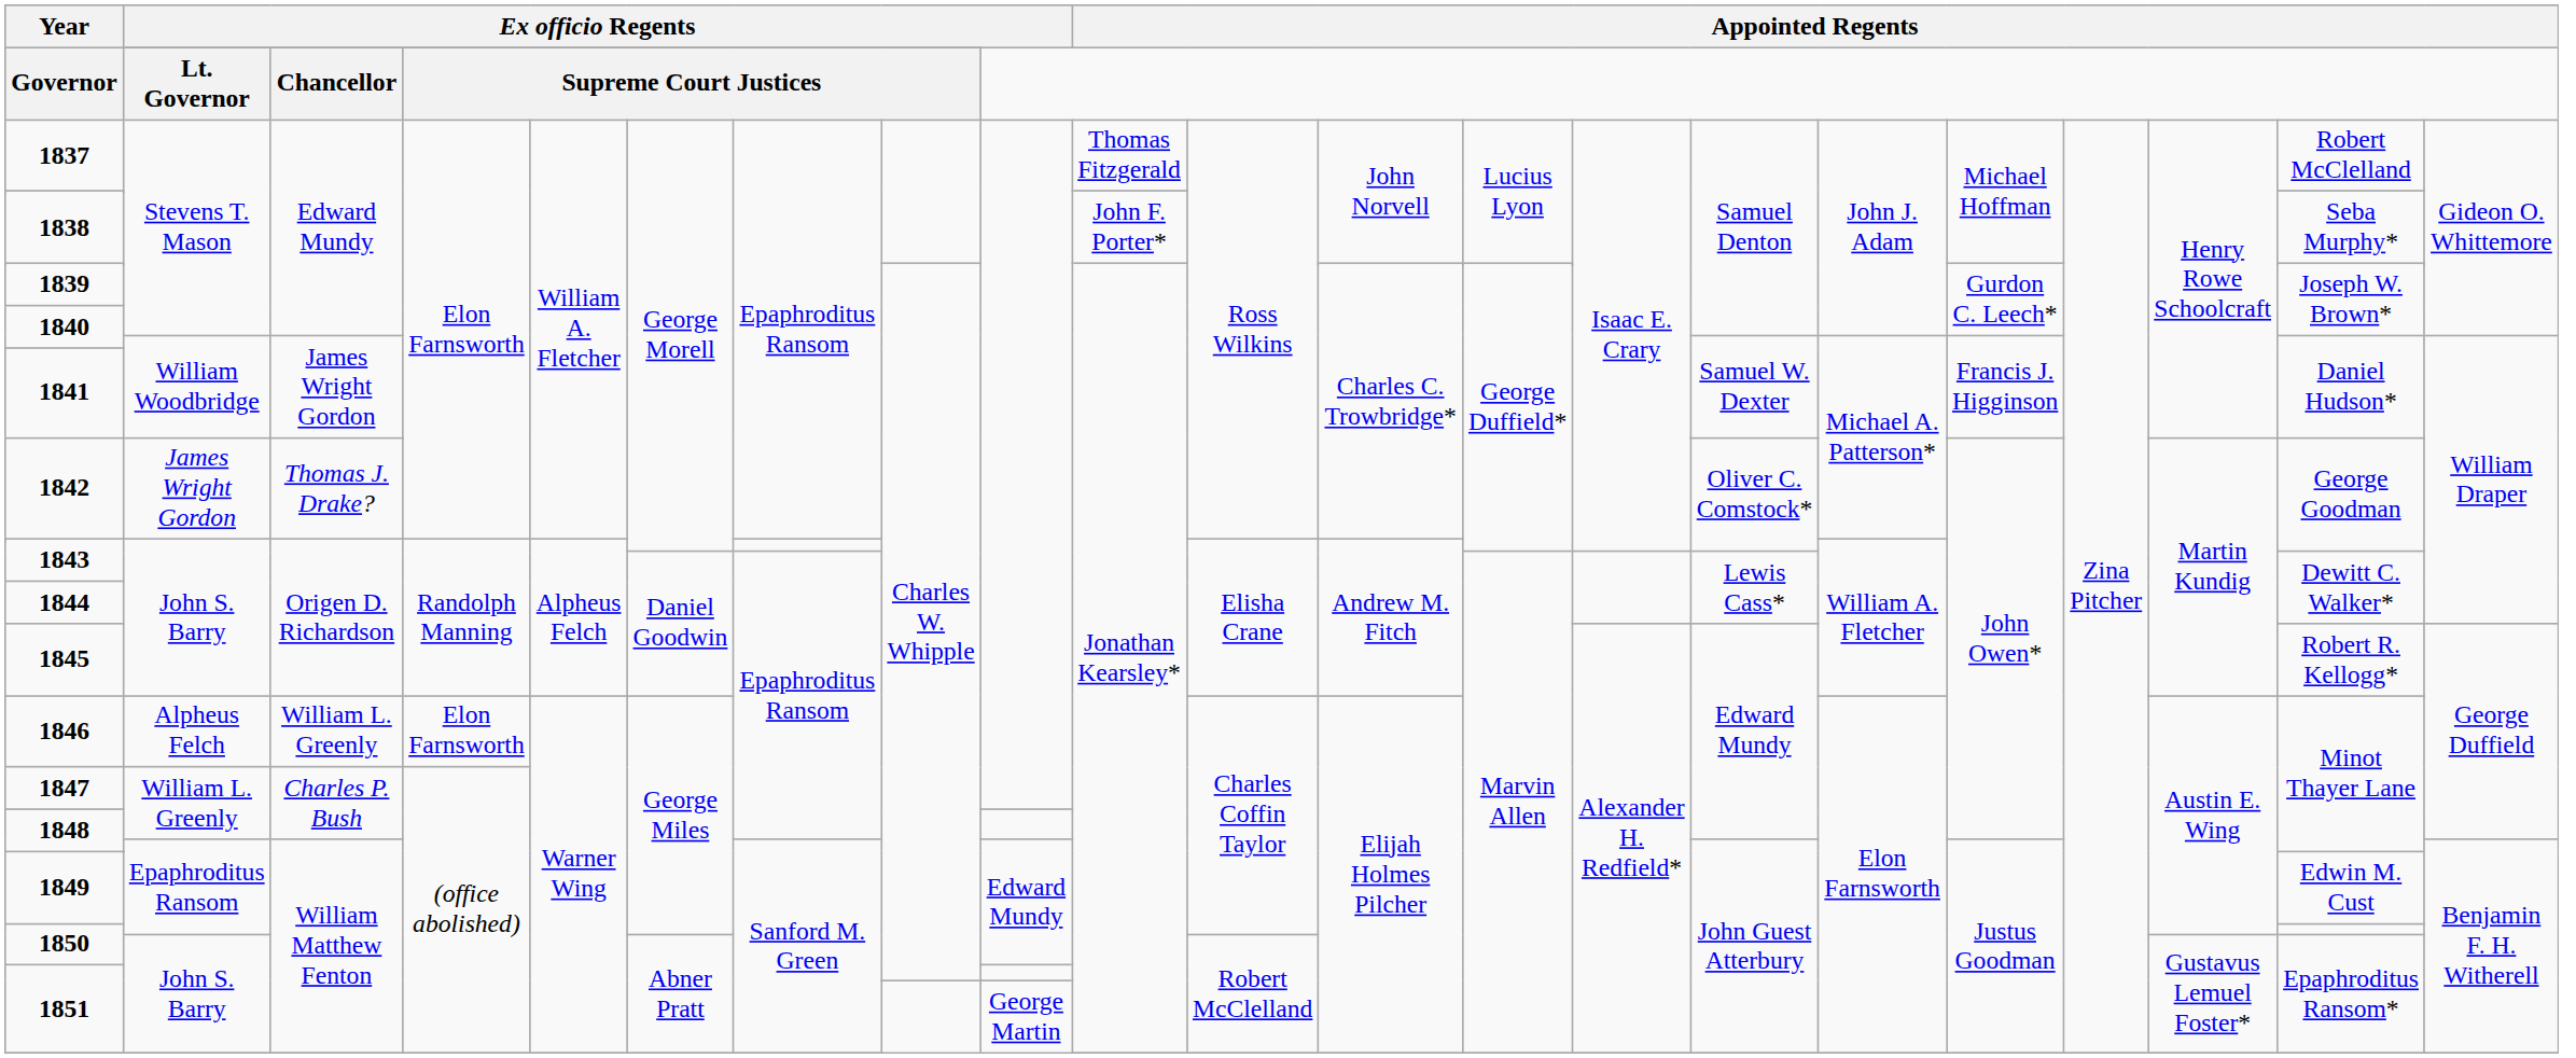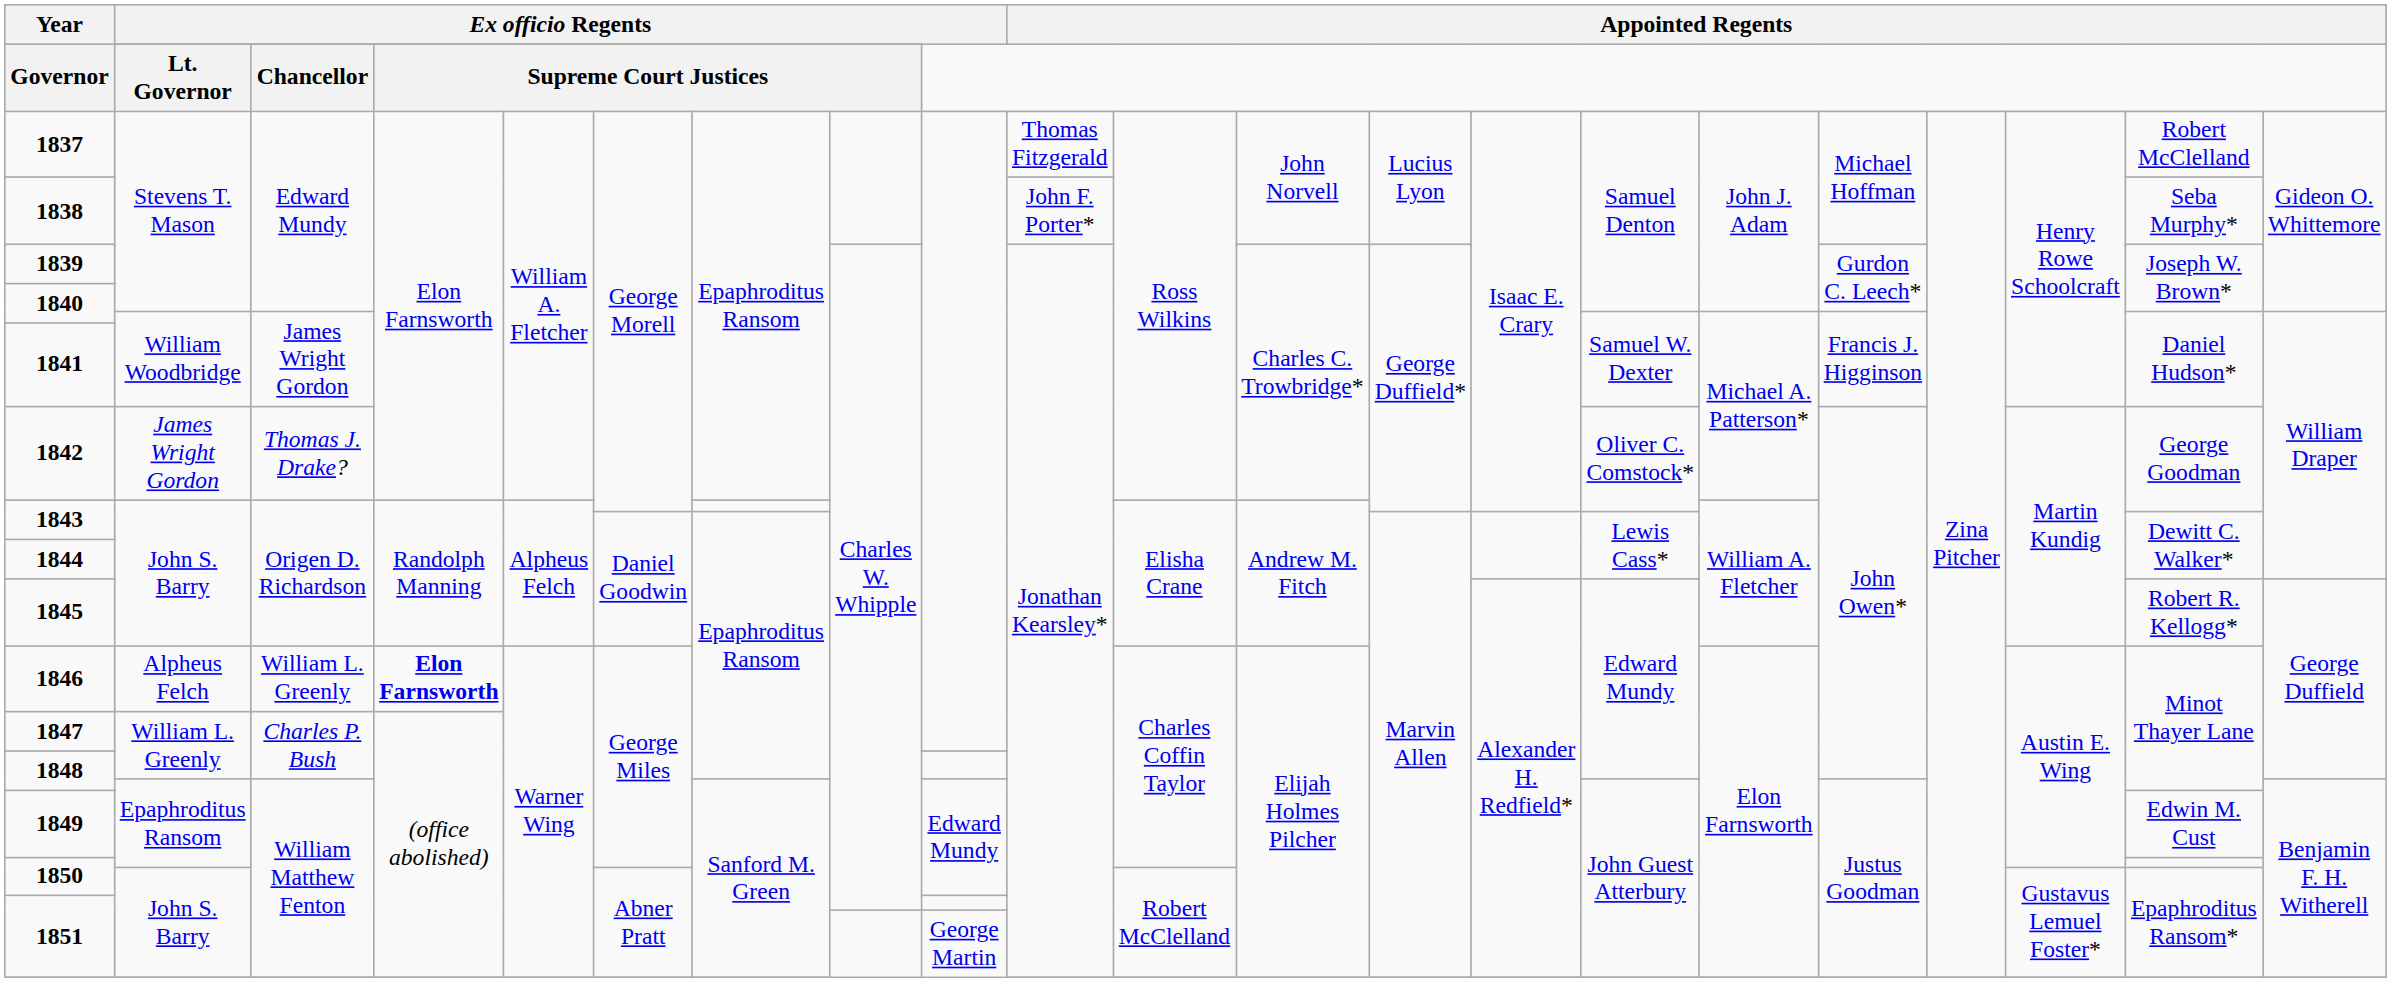 <table class=wikitable style="text-align:center; font-size: 90%;">
 <tr>
 <th rowspan=2>Year</th>
 <th colspan=8><em>Ex officio</em> Regents</th>
 <th colspan=12 rowspan=2>Appointed Regents</th>
 </tr>
 <tr>
 </tr>
 <tr>
 <th>Governor</th>
 <th>Lt. Governor</th>
 <th>Chancellor</th>
 <th colspan=5>Supreme Court Justices</th>
 </tr>
 <tr>
 <td rowspan=2><strong>1837</strong></td>
 <td rowspan=7 ><a href='#'>Stevens T. Mason</a></td>
 <td rowspan=7 ><a href='#'>Edward Mundy</a></td>
 <td rowspan=11><a href='#'>Elon Farnsworth</a></td>
 <td rowspan=11><a href='#'>William A. Fletcher</a></td>
 <td rowspan=13><a href='#'>George Morell</a></td>
 <td rowspan=11><a href='#'>Epaphroditus Ransom</a></td>
 <td rowspan=3></td>
 <td rowspan=22></td>
 <td><a href='#'>Thomas Fitzgerald</a></td>
 <td rowspan=11><a href='#'>Ross Wilkins</a></td>
 <td rowspan=5><a href='#'>John Norvell</a></td>
 <td rowspan=5><a href='#'>Lucius Lyon</a></td>
 <td rowspan=13><a href='#'>Isaac E. Crary</a></td>
 <td rowspan=7><a href='#'>Samuel Denton</a></td>
 <td rowspan=7><a href='#'>John J. Adam</a></td>
 <td rowspan=3><a href='#'>Michael Hoffman</a></td>
 <td rowspan=30><a href='#'>Zina Pitcher</a></td>
 <td rowspan=9><a href='#'>Henry Rowe Schoolcraft</a></td>
 <td rowspan=1><a href='#'>Robert McClelland</a></td>
 <td rowspan=7><a href='#'>Gideon O. Whittemore</a></td>
 </tr>
 <tr>
 <td rowspan=2><a href='#'>John F. Porter</a>*</td>
 <td rowspan=4><a href='#'>Seba Murphy</a>*</td>
 </tr>
 <tr>
 <td rowspan=2><strong>1838</strong></td>
 </tr>
 <tr>
 <td rowspan=26><a href='#'>Charles W. Whipple</a></td>
 <td rowspan=27><a href='#'>Jonathan Kearsley</a>*</td>
 <td rowspan=4><a href='#'>Gurdon C. Leech</a>*</td>
 </tr>
 <tr>
 <td rowspan=2><strong>1839</strong></td>
 </tr>
 <tr>
 <td rowspan=6><a href='#'>Charles C. Trowbridge</a>*</td>
 <td rowspan=8><a href='#'>George Duffield</a>*</td>
 <td rowspan=2><a href='#'>Joseph W. Brown</a>*</td>
 </tr>
 <tr>
 <td rowspan=2><strong>1840</strong></td>
 </tr>
 <tr>
 <td rowspan=2 ><a href='#'>William Woodbridge</a></td>
 <td rowspan=2 ><a href='#'>James Wright Gordon</a></td>
 <td rowspan=2><a href='#'>Samuel W. Dexter</a></td>
 <td rowspan=4><a href='#'>Michael A. Patterson</a>*</td>
 <td rowspan=2><a href='#'>Francis J. Higginson</a></td>
 <td rowspan=2><a href='#'>Daniel Hudson</a>*</td>
 <td rowspan=8><a href='#'>William Draper</a></td>
 </tr>
 <tr>
 <td rowspan=2><strong>1841</strong></td>
 </tr>
 <tr>
 <td rowspan=2 ><em><a href='#'>James Wright Gordon</a></em></td>
 <td rowspan=2 ><em><a href='#'>Thomas J. Drake</a>?</em></td>
 <td rowspan=4><a href='#'>Oliver C. Comstock</a>*</td>
 <td rowspan=14><a href='#'>John Owen</a>*</td>
 <td rowspan=8><a href='#'>Martin Kundig</a></td>
 <td rowspan=4><a href='#'>George Goodman</a></td>
 </tr>
 <tr>
 <td rowspan=2><strong>1842</strong></td>
 </tr>
 <tr>
 <td rowspan=8 ><a href='#'>John S. Barry</a></td>
 <td rowspan=8 ><a href='#'>Origen D. Richardson</a></td>
 <td rowspan=8><a href='#'>Randolph Manning</a></td>
 <td rowspan=6><a href='#'>Alpheus Felch</a></td>
 <td rowspan=2></td>
 <td rowspan=8><a href='#'>Elisha Crane</a></td>
 <td rowspan=8><a href='#'>Andrew M. Fitch</a></td>
 <td rowspan=8><a href='#'>William A. Fletcher</a></td>
 </tr>
 <tr>
 <td rowspan=2><strong>1843</strong></td>
 </tr>
 <tr>
 <td rowspan=6><a href='#'>Daniel Goodwin</a></td>
 <td rowspan=10><a href='#'>Epaphroditus Ransom</a></td>
 <td rowspan=17><a href='#'>Marvin Allen</a></td>
 <td rowspan=2></td>
 <td rowspan=2><a href='#'>Lewis Cass</a>*</td>
 <td rowspan=2><a href='#'>Dewitt C. Walker</a>*</td>
 </tr>
 <tr>
 <td rowspan=2><strong>1844</strong></td>
 </tr>
 <tr>
 <td rowspan=15><a href='#'>Alexander H. Redfield</a>*</td>
 <td rowspan=8><a href='#'>Edward Mundy</a></td>
 <td rowspan=2><a href='#'>Robert R. Kellogg</a>*</td>
 <td rowspan=8><a href='#'>George Duffield</a></td>
 </tr>
 <tr>
 <td rowspan=2><strong>1845</strong></td>
 </tr>
 <tr>
 <td rowspan=13><a href='#'>Warner Wing</a></td>
 <td rowspan=10><a href='#'>Austin E. Wing</a></td>
 <td rowspan=8><a href='#'>Minot Thayer Lane</a></td>
 </tr>
 <tr>
 <td rowspan=2><strong>1846</strong></td>
 </tr>
 <tr>
 <td rowspan=2 ><a href='#'>Alpheus Felch</a></td>
 <td rowspan=2 ><a href='#'>William L. Greenly</a></td>
-<td rowspan=1><a href='#'>Elon Farnsworth</a></td>
+<td rowspan=1><strong><a href='#'>Elon Farnsworth</a></strong></td>
 <td rowspan=8><a href='#'>George Miles</a></td>
 <td rowspan=8><a href='#'>Charles Coffin Taylor</a></td>
 <td rowspan=11><a href='#'>Elijah Holmes Pilcher</a></td>
 <td rowspan=11><a href='#'>Elon Farnsworth</a></td>
 </tr>
 <tr>
 <td rowspan=2><strong>1847</strong></td>
 <td rowspan=10><em>(office abolished)</em></td>
 </tr>
 <tr>
 <td rowspan=2 ><a href='#'>William L. Greenly</a></td>
 <td rowspan=2 ><em><a href='#'>Charles P. Bush</a></em></td>
 </tr>
 <tr>
 <td rowspan=2><strong>1848</strong></td>
 </tr>
 <tr>
 <td rowspan=4 ><a href='#'>Epaphroditus Ransom</a></td>
 <td rowspan=7 ><a href='#'>William Matthew Fenton</a></td>
 <td rowspan=7><a href='#'>Sanford M. Green</a></td>
 <td rowspan=5><a href='#'>Edward Mundy</a></td>
 <td rowspan=7><a href='#'>John Guest Atterbury</a></td>
 <td rowspan=7><a href='#'>Justus Goodman</a></td>
 <td rowspan=7><a href='#'>Benjamin F. H. Witherell</a></td>
 </tr>
 <tr>
 <td rowspan=2><strong>1849</strong></td>
 </tr>
 <tr>
 <td><a href='#'>Edwin M. Cust</a></td>
 </tr>
 <tr>
 <td rowspan=2><strong>1850</strong></td>
 <td></td>
 </tr>
 <tr>
 <td rowspan=3 ><a href='#'>John S. Barry</a></td>
 <td rowspan=3><a href='#'>Abner Pratt</a></td>
 <td rowspan=3><a href='#'>Robert McClelland</a></td>
 <td rowspan=3><a href='#'>Gustavus Lemuel Foster</a>*</td>
 <td rowspan=3><a href='#'>Epaphroditus Ransom</a>*</td>
 </tr>
 <tr>
 <td rowspan=2><strong>1851</strong></td>
 </tr>
 <tr>
 <td rowspan=2></td>
 <td rowspan=2><a href='#'>George Martin</a></td>
 </tr>
 <tr>
 </tr>
 </table>
